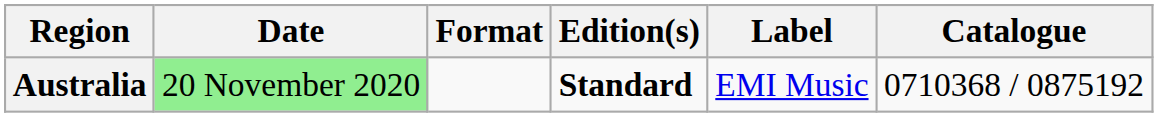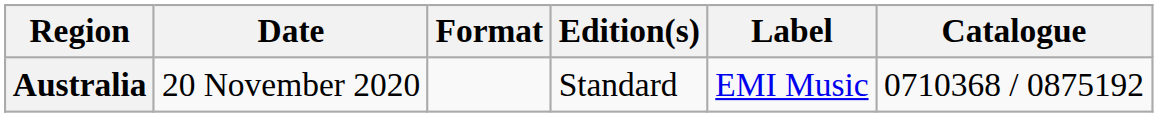 <table class="wikitable plainrowheaders">
 <tr>
 <th scope="col">Region</th>
 <th scope="col">Date</th>
 <th scope="col">Format</th>
 <th scope="col">Edition(s)</th>
 <th scope="col">Label</th>
 <th scope="col">Catalogue</th>
 </tr>
 <tr>
 <th scope="row" rowspan="1">Australia</th>
-<td scope="row" rowspan="1" style="background: lightgreen;">20 November 2020</td>
+<td scope="row" rowspan="1">20 November 2020</td>
 <td></td>
-<td><strong>Standard</strong></td>
+<td>Standard</td>
 <td scope="row" rowspan="4"><a href='#'>EMI Music</a></td>
 <td>0710368 / 0875192</td>
 </tr>
 </table>
